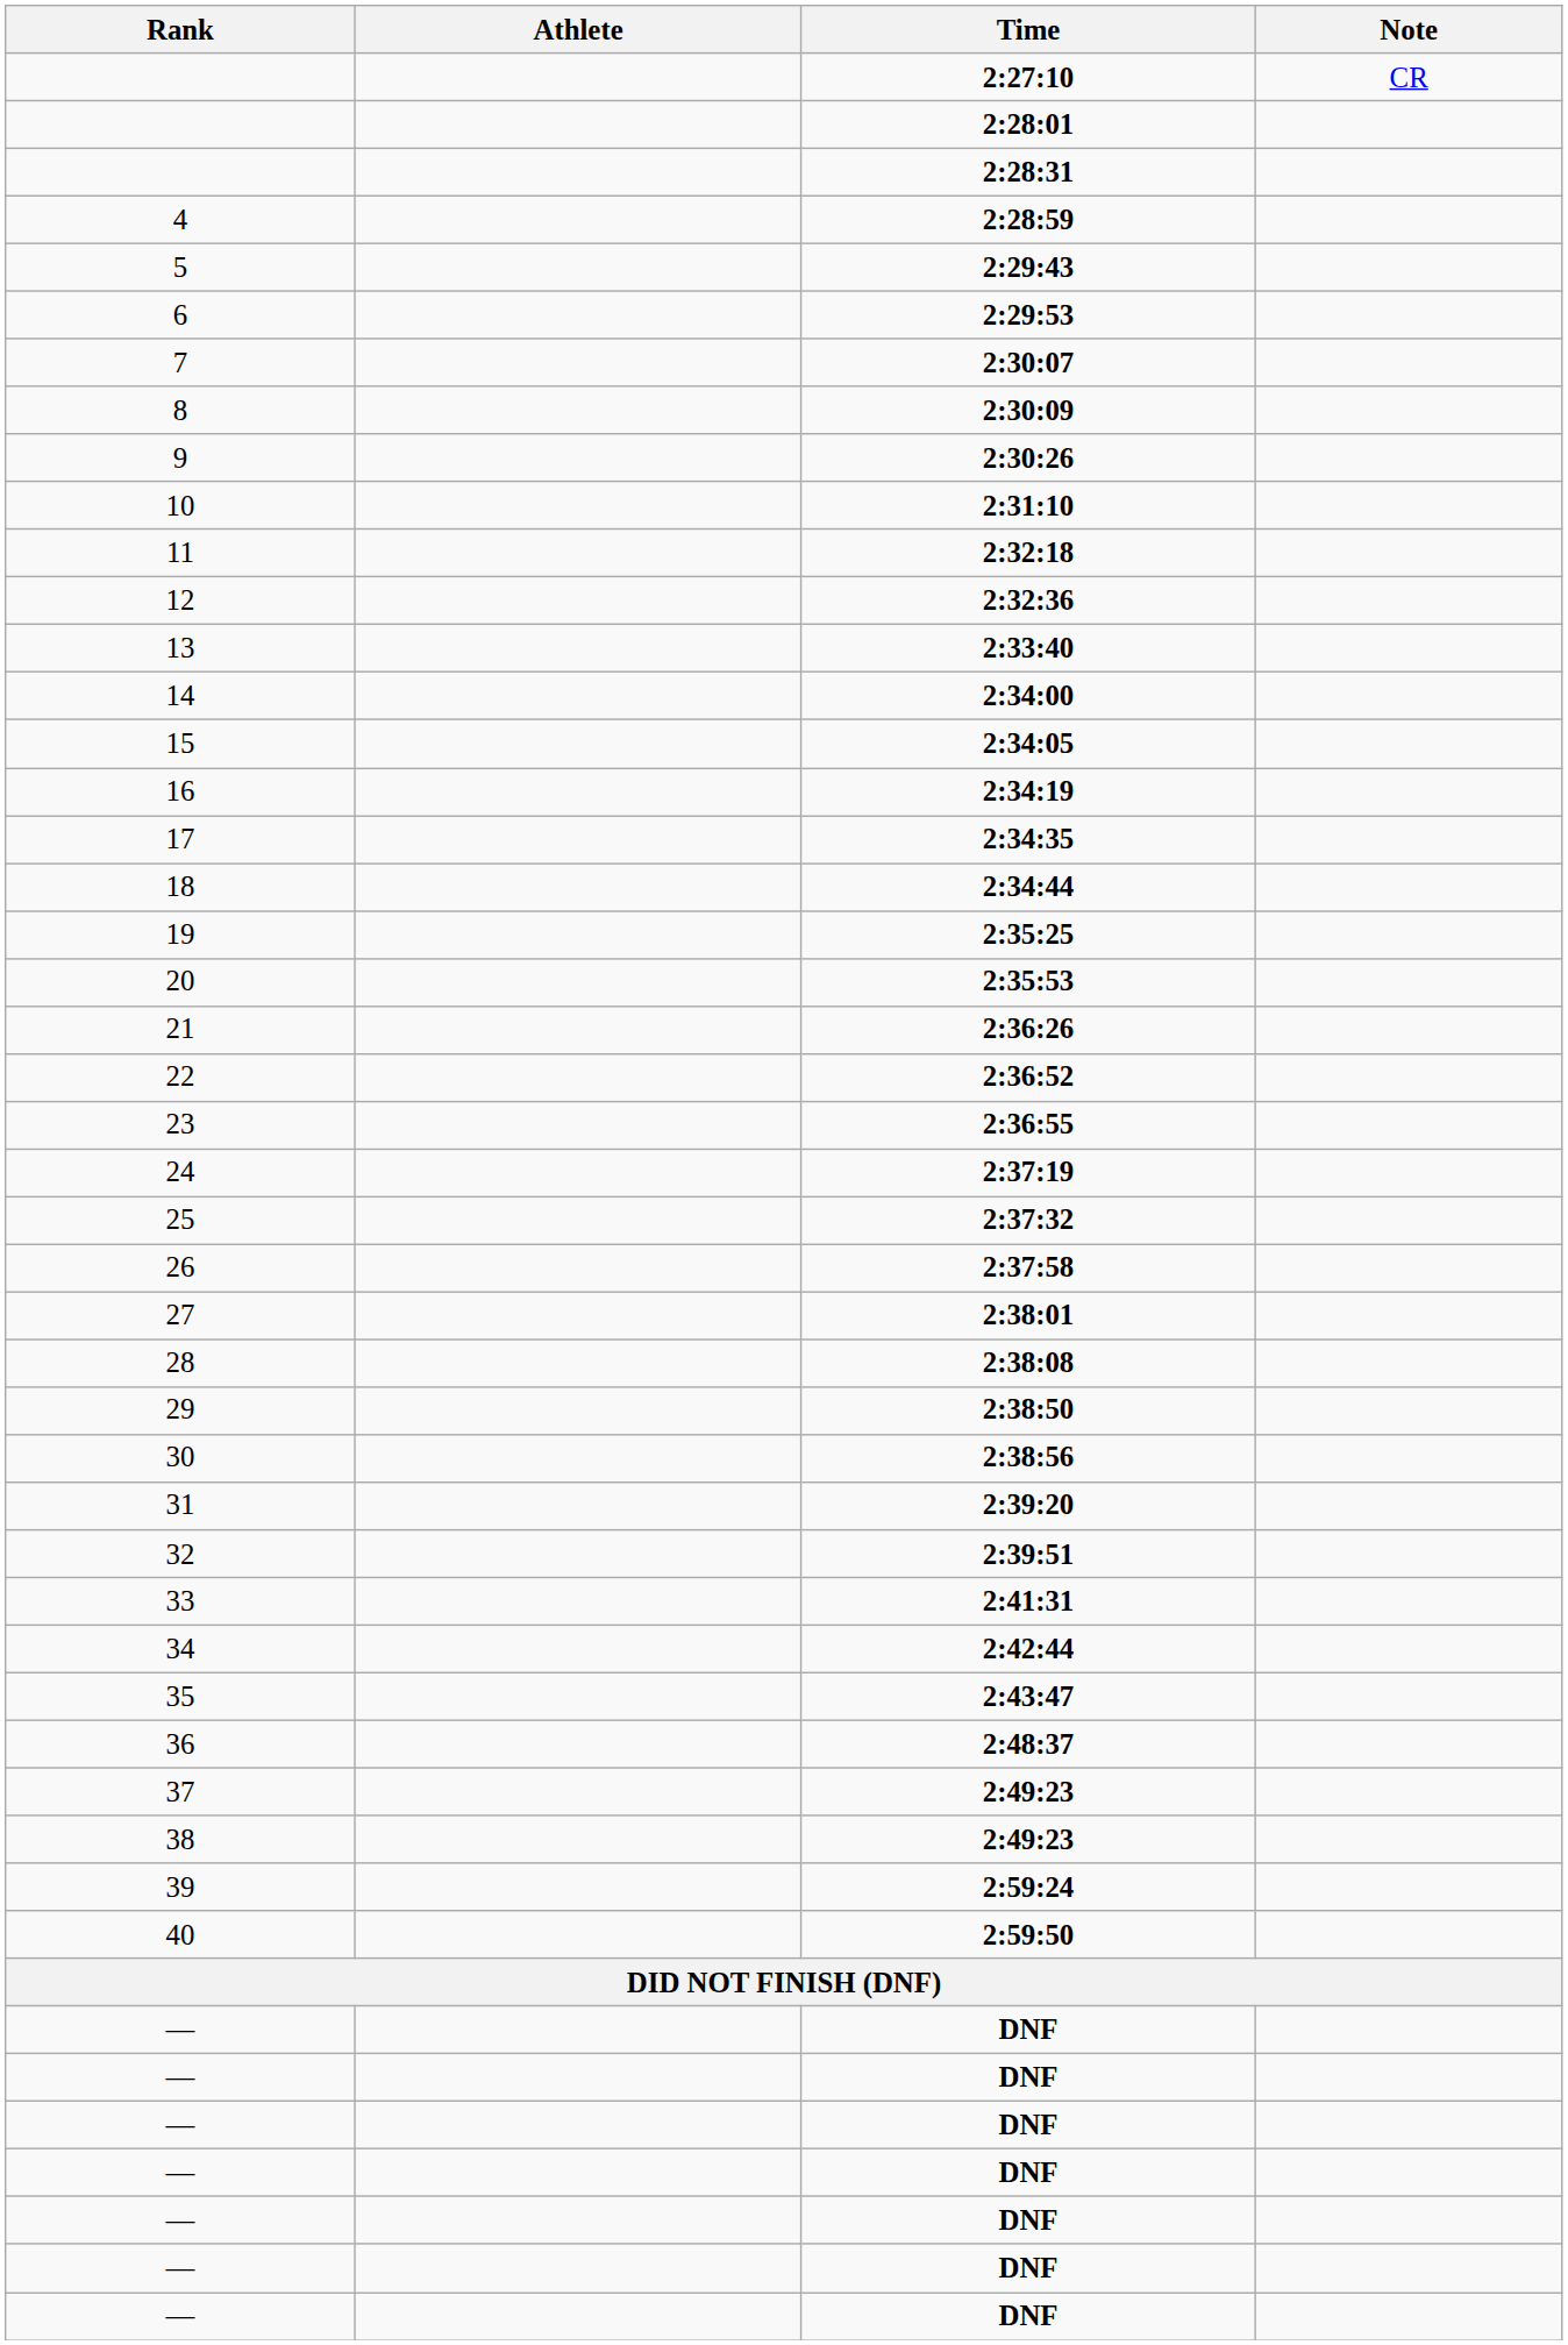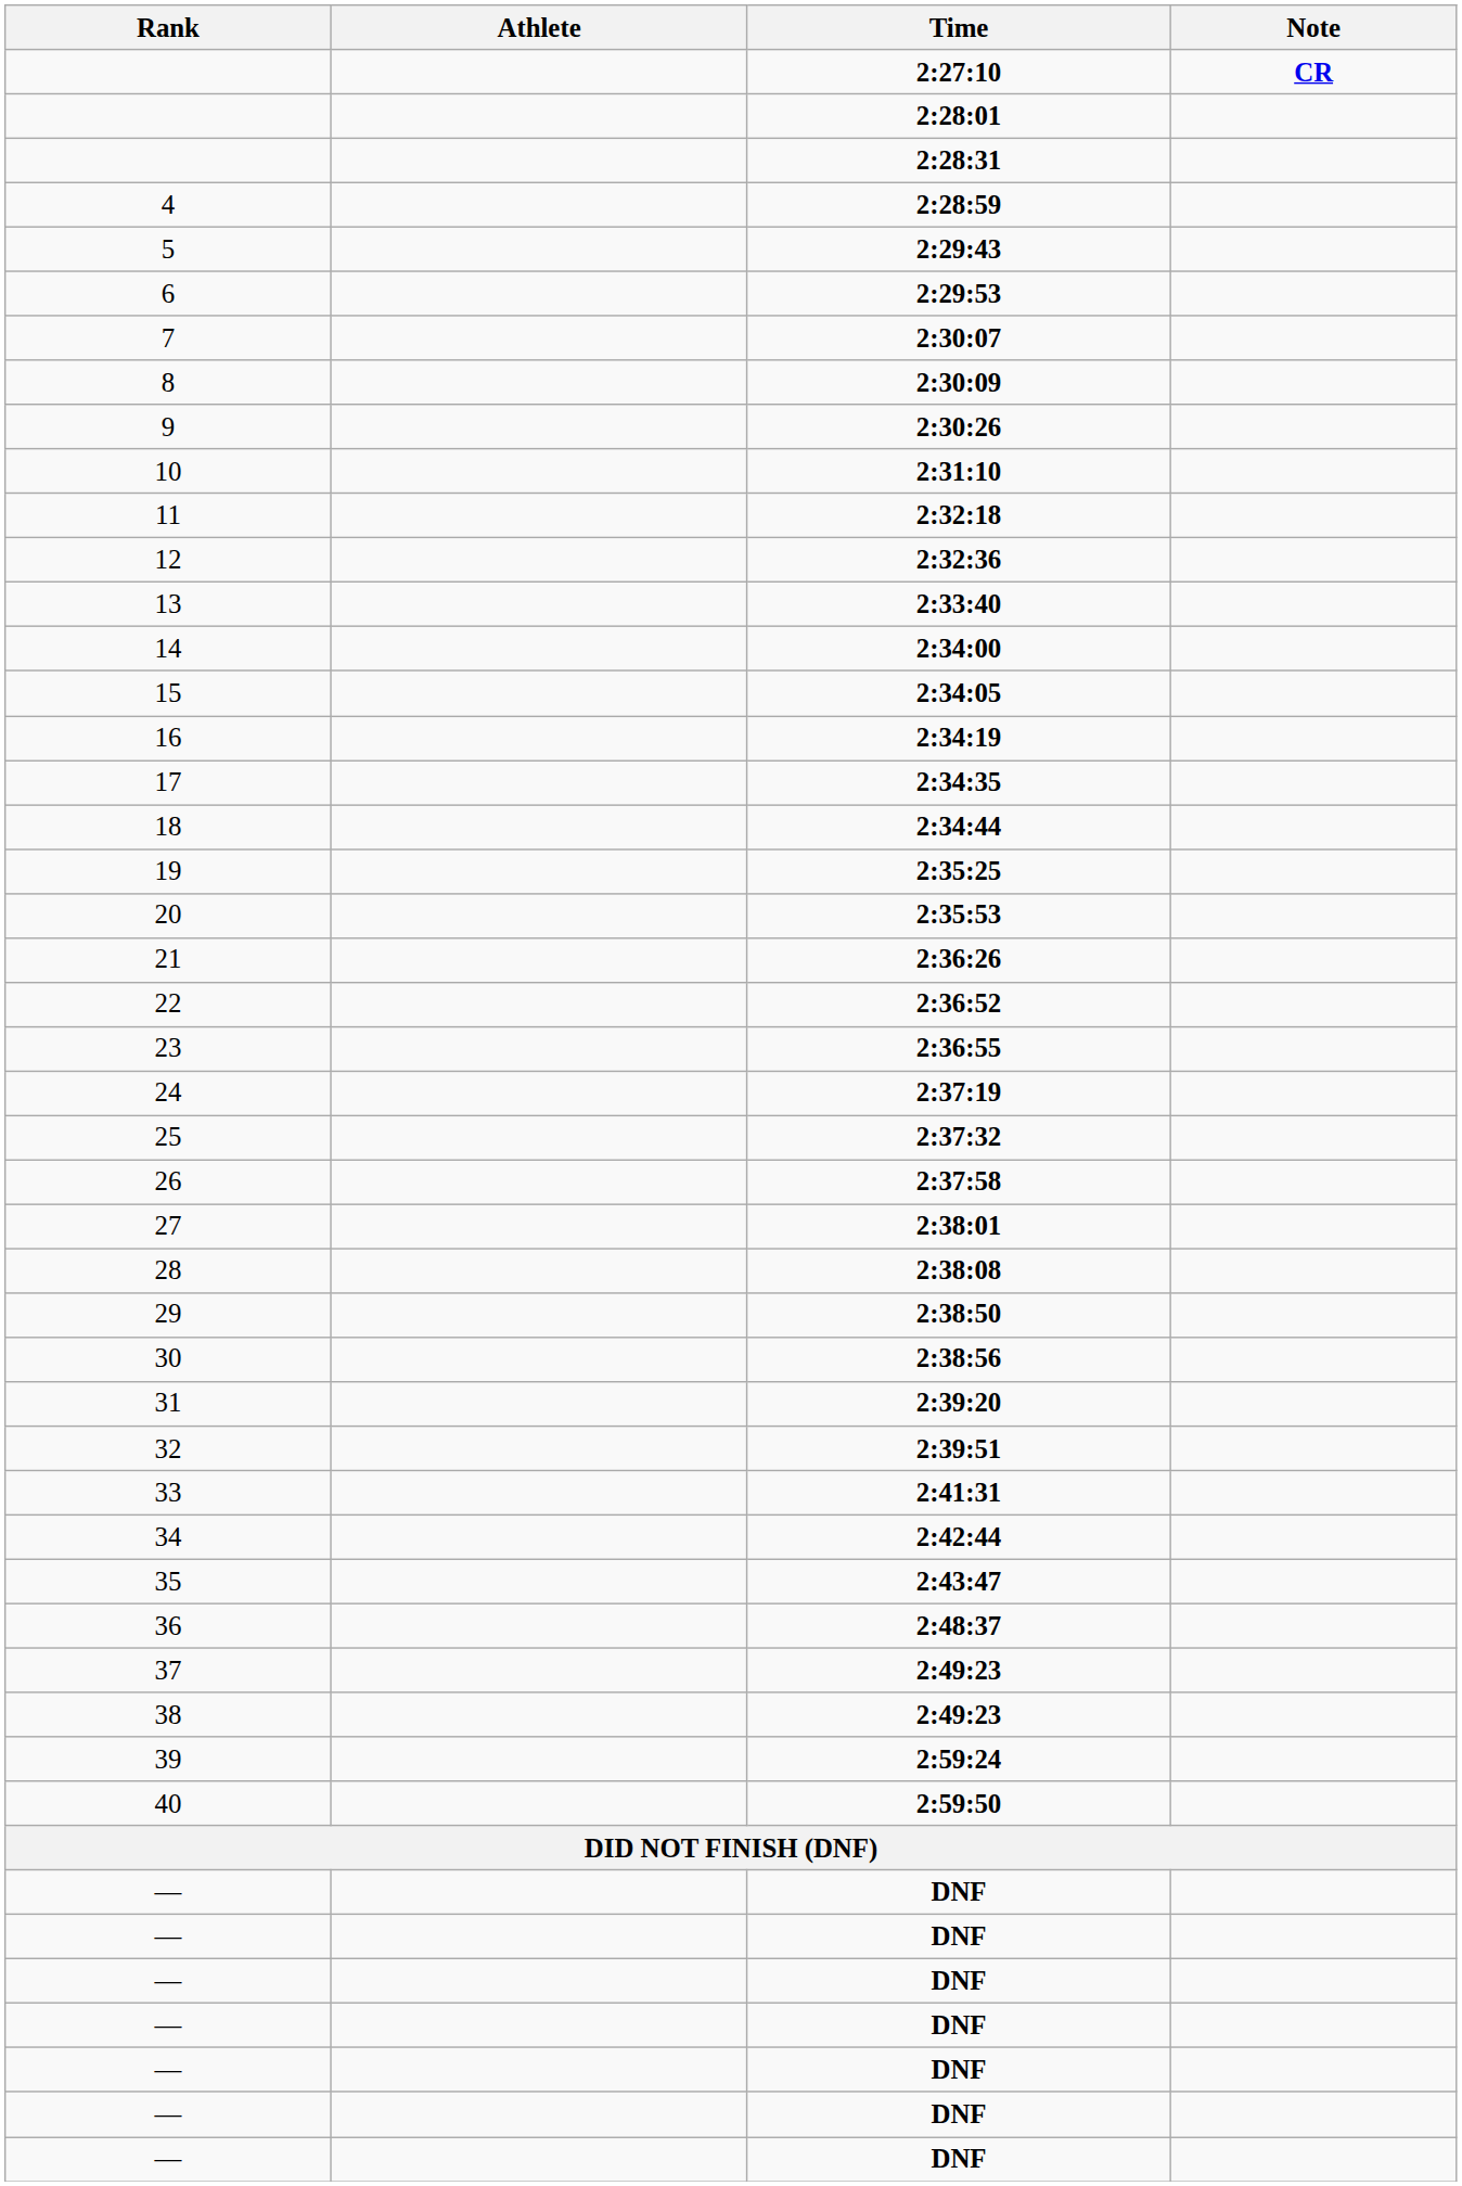 <table class="wikitable" style=" text-align:center; font-size:110%;" width="60%">
 <tr>
 <th>Rank</th>
 <th>Athlete</th>
 <th>Time</th>
 <th>Note</th>
 </tr>
 <tr>
 <td></td>
 <td align=left></td>
 <td><strong>2:27:10</strong></td>
-<td><a href='#'>CR</a></td>
+<td><strong><a href='#'>CR</a></strong></td>
 </tr>
 <tr>
 <td></td>
 <td align=left></td>
 <td><strong>2:28:01</strong></td>
 <td></td>
 </tr>
 <tr>
 <td></td>
 <td align=left></td>
 <td><strong>2:28:31</strong></td>
 <td></td>
 </tr>
 <tr>
 <td>4</td>
 <td align=left></td>
 <td><strong>2:28:59</strong></td>
 <td></td>
 </tr>
 <tr>
 <td>5</td>
 <td align=left></td>
 <td><strong>2:29:43</strong></td>
 <td></td>
 </tr>
 <tr>
 <td>6</td>
 <td align=left></td>
 <td><strong>2:29:53</strong></td>
 <td></td>
 </tr>
 <tr>
 <td>7</td>
 <td align=left></td>
 <td><strong>2:30:07</strong></td>
 <td></td>
 </tr>
 <tr>
 <td>8</td>
 <td align=left></td>
 <td><strong>2:30:09</strong></td>
 <td></td>
 </tr>
 <tr>
 <td>9</td>
 <td align=left></td>
 <td><strong>2:30:26</strong></td>
 <td></td>
 </tr>
 <tr>
 <td>10</td>
 <td align=left></td>
 <td><strong>2:31:10</strong></td>
 <td></td>
 </tr>
 <tr>
 <td>11</td>
 <td align=left></td>
 <td><strong>2:32:18</strong></td>
 <td></td>
 </tr>
 <tr>
 <td>12</td>
 <td align=left></td>
 <td><strong>2:32:36</strong></td>
 <td></td>
 </tr>
 <tr>
 <td>13</td>
 <td align=left></td>
 <td><strong>2:33:40</strong></td>
 <td></td>
 </tr>
 <tr>
 <td>14</td>
 <td align=left></td>
 <td><strong>2:34:00</strong></td>
 <td></td>
 </tr>
 <tr>
 <td>15</td>
 <td align=left></td>
 <td><strong>2:34:05</strong></td>
 <td></td>
 </tr>
 <tr>
 <td>16</td>
 <td align=left></td>
 <td><strong>2:34:19</strong></td>
 <td></td>
 </tr>
 <tr>
 <td>17</td>
 <td align=left></td>
 <td><strong>2:34:35</strong></td>
 <td></td>
 </tr>
 <tr>
 <td>18</td>
 <td align=left></td>
 <td><strong>2:34:44</strong></td>
 <td></td>
 </tr>
 <tr>
 <td>19</td>
 <td align=left></td>
 <td><strong>2:35:25</strong></td>
 <td></td>
 </tr>
 <tr>
 <td>20</td>
 <td align=left></td>
 <td><strong>2:35:53</strong></td>
 <td></td>
 </tr>
 <tr>
 <td>21</td>
 <td align=left></td>
 <td><strong>2:36:26</strong></td>
 <td></td>
 </tr>
 <tr>
 <td>22</td>
 <td align=left></td>
 <td><strong>2:36:52</strong></td>
 <td></td>
 </tr>
 <tr>
 <td>23</td>
 <td align=left></td>
 <td><strong>2:36:55</strong></td>
 <td></td>
 </tr>
 <tr>
 <td>24</td>
 <td align=left></td>
 <td><strong>2:37:19</strong></td>
 <td></td>
 </tr>
 <tr>
 <td>25</td>
 <td align=left></td>
 <td><strong>2:37:32</strong></td>
 <td></td>
 </tr>
 <tr>
 <td>26</td>
 <td align=left></td>
 <td><strong>2:37:58</strong></td>
 <td></td>
 </tr>
 <tr>
 <td>27</td>
 <td align=left></td>
 <td><strong>2:38:01</strong></td>
 <td></td>
 </tr>
 <tr>
 <td>28</td>
 <td align=left></td>
 <td><strong>2:38:08</strong></td>
 <td></td>
 </tr>
 <tr>
 <td>29</td>
 <td align=left></td>
 <td><strong>2:38:50</strong></td>
 <td></td>
 </tr>
 <tr>
 <td>30</td>
 <td align=left></td>
 <td><strong>2:38:56</strong></td>
 <td></td>
 </tr>
 <tr>
 <td>31</td>
 <td align=left></td>
 <td><strong>2:39:20</strong></td>
 <td></td>
 </tr>
 <tr>
 <td>32</td>
 <td align=left></td>
 <td><strong>2:39:51</strong></td>
 <td></td>
 </tr>
 <tr>
 <td>33</td>
 <td align=left></td>
 <td><strong>2:41:31</strong></td>
 <td></td>
 </tr>
 <tr>
 <td>34</td>
 <td align=left></td>
 <td><strong>2:42:44</strong></td>
 <td></td>
 </tr>
 <tr>
 <td>35</td>
 <td align=left></td>
 <td><strong>2:43:47</strong></td>
 <td></td>
 </tr>
 <tr>
 <td>36</td>
 <td align=left></td>
 <td><strong>2:48:37</strong></td>
 <td></td>
 </tr>
 <tr>
 <td>37</td>
 <td align=left></td>
 <td><strong>2:49:23</strong></td>
 <td></td>
 </tr>
 <tr>
 <td>38</td>
 <td align=left></td>
 <td><strong>2:49:23</strong></td>
 <td></td>
 </tr>
 <tr>
 <td>39</td>
 <td align=left></td>
 <td><strong>2:59:24</strong></td>
 <td></td>
 </tr>
 <tr>
 <td>40</td>
 <td align=left></td>
 <td><strong>2:59:50</strong></td>
 <td></td>
 </tr>
 <tr>
 <th colspan="4">DID NOT FINISH (DNF)</th>
 </tr>
 <tr>
 <td>—</td>
 <td align=left></td>
 <td><strong>DNF</strong></td>
 <td></td>
 </tr>
 <tr>
 <td>—</td>
 <td align=left></td>
 <td><strong>DNF</strong></td>
 <td></td>
 </tr>
 <tr>
 <td>—</td>
 <td align=left></td>
 <td><strong>DNF</strong></td>
 <td></td>
 </tr>
 <tr>
 <td>—</td>
 <td align=left></td>
 <td><strong>DNF</strong></td>
 <td></td>
 </tr>
 <tr>
 <td>—</td>
 <td align=left></td>
 <td><strong>DNF</strong></td>
 <td></td>
 </tr>
 <tr>
 <td>—</td>
 <td align=left></td>
 <td><strong>DNF</strong></td>
 <td></td>
 </tr>
 <tr>
 <td>—</td>
 <td align=left></td>
 <td><strong>DNF</strong></td>
 <td></td>
 </tr>
 </table>
